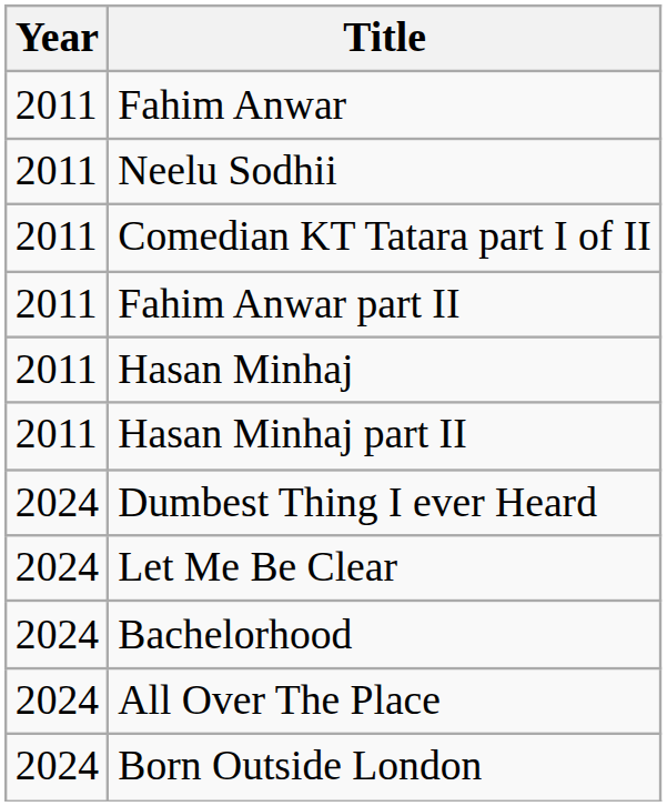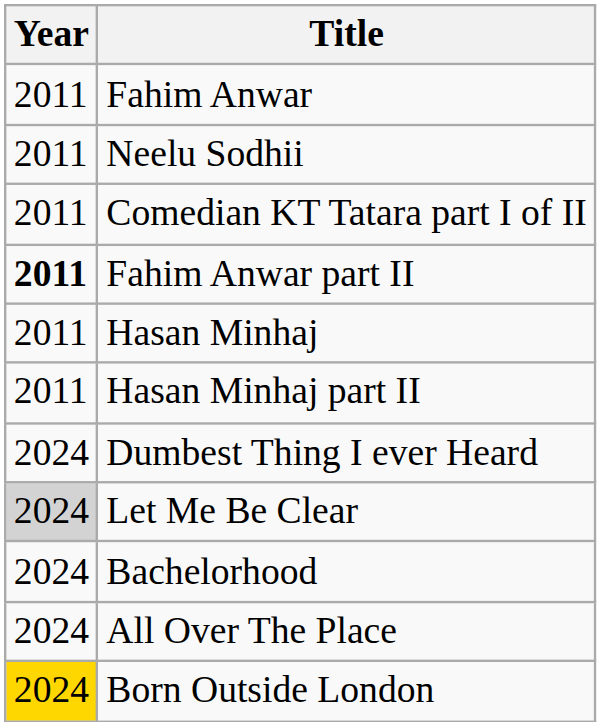 <table class="wikitable">
 <tr>
 <th>Year</th>
 <th>Title</th>
 </tr>
 <tr>
 <td>2011</td>
 <td>Fahim Anwar</td>
 </tr>
 <tr>
 <td>2011</td>
 <td>Neelu Sodhii</td>
 </tr>
 <tr>
 <td>2011</td>
 <td>Comedian KT Tatara part I of II</td>
 </tr>
 <tr>
-<td>2011</td>
+<td><strong>2011</strong></td>
 <td>Fahim Anwar part II</td>
 </tr>
 <tr>
 <td>2011</td>
 <td>Hasan Minhaj</td>
 </tr>
 <tr>
 <td>2011</td>
 <td>Hasan Minhaj part II</td>
 </tr>
 <tr>
 <td>2024</td>
 <td>Dumbest Thing I ever Heard</td>
 </tr>
 <tr>
-<td>2024</td>
+<td style="background: lightgrey;">2024</td>
 <td>Let Me Be Clear</td>
 </tr>
 <tr>
 <td>2024</td>
 <td>Bachelorhood</td>
 </tr>
 <tr>
 <td>2024</td>
 <td>All Over The Place</td>
 </tr>
 <tr>
-<td>2024</td>
+<td style="background: gold;">2024</td>
 <td>Born Outside London</td>
 </tr>
 <tr>
 </tr>
 </table>
